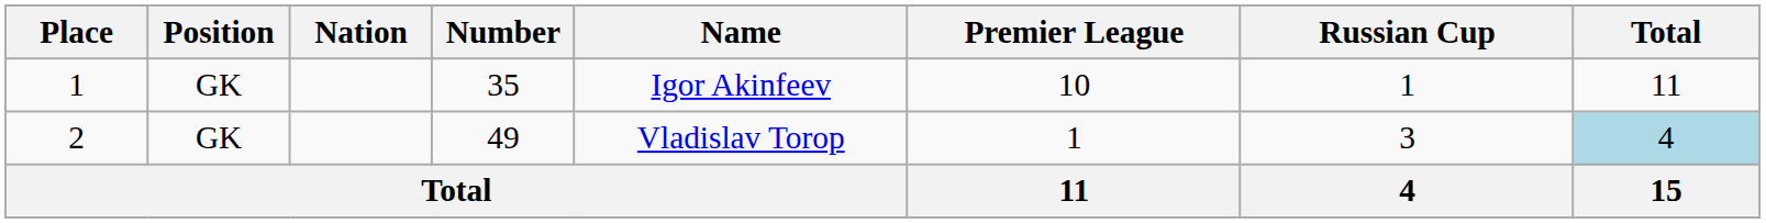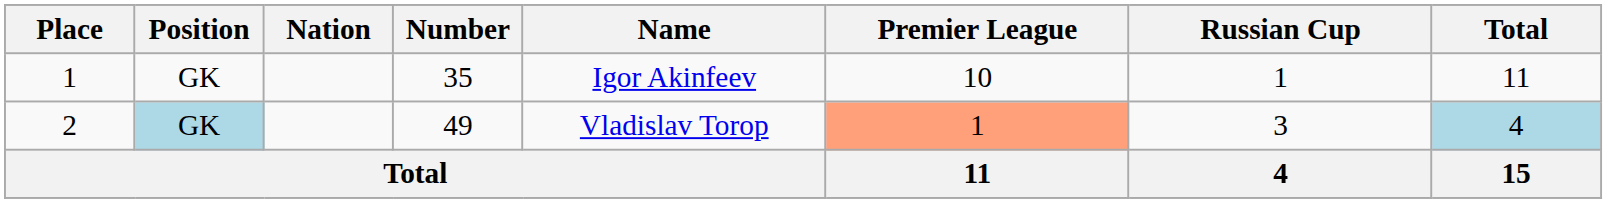 <table class="wikitable" style="font-size: 95%; text-align: center;">
 <tr>
 <th width=60>Place</th>
 <th width=60>Position</th>
 <th width=60>Nation</th>
 <th width=60>Number</th>
 <th width=150>Name</th>
 <th width=150>Premier League</th>
 <th width=150>Russian Cup</th>
 <th width=80>Total</th>
 </tr>
 <tr>
 <td>1</td>
 <td>GK</td>
 <td></td>
 <td>35</td>
 <td><a href='#'>Igor Akinfeev</a></td>
 <td>10</td>
 <td>1</td>
 <td>11</td>
 </tr>
 <tr>
 <td>2</td>
-<td>GK</td>
+<td style="background: lightblue;">GK</td>
 <td></td>
 <td>49</td>
 <td><a href='#'>Vladislav Torop</a></td>
-<td>1</td>
+<td style="background: lightsalmon;">1</td>
 <td>3</td>
 <td style="background: lightblue;">4</td>
 </tr>
 <tr>
 <th colspan=5>Total</th>
 <th>11</th>
 <th>4</th>
 <th>15</th>
 </tr>
 </table>
